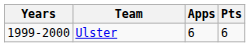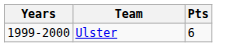 <table class="wikitable" style="text-align:left;">
 <tr>
 <th>Years</th>
 <th width=120px>Team</th>
-<th>Apps</th>
 <th>Pts</th>
 </tr>
 <tr>
 <td>1999-2000</td>
 <td><a href='#'>Ulster</a></td>
 <td>6</td>
-<td>6</td>
 </tr>
 </table>
